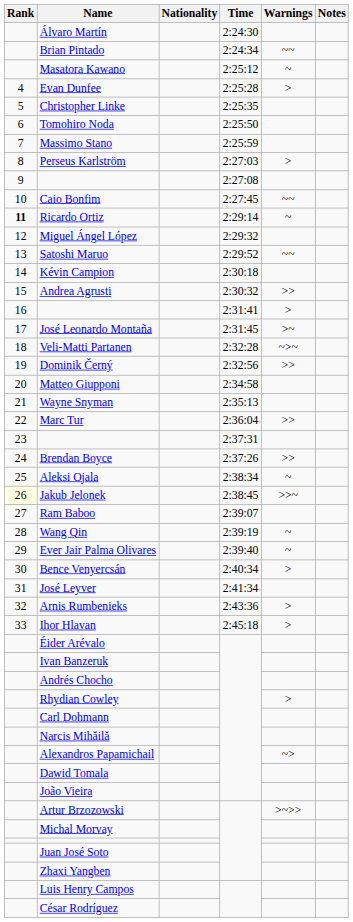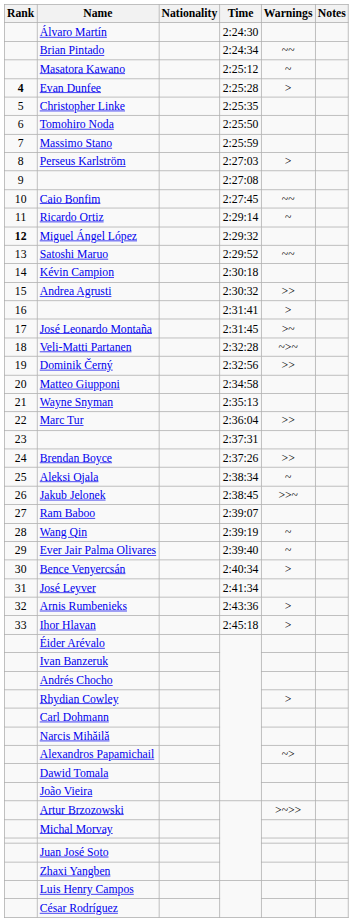 <table class="wikitable sortable" style="text-align:center">
 <tr>
 <th>Rank</th>
 <th>Name</th>
 <th>Nationality</th>
 <th>Time</th>
 <th>Warnings</th>
 <th>Notes</th>
 </tr>
 <tr>
 <td></td>
 <td align=left><a href='#'>Álvaro Martín</a></td>
 <td align=left></td>
 <td>2:24:30</td>
 <td></td>
 <td></td>
 </tr>
 <tr>
 <td></td>
 <td align=left><a href='#'>Brian Pintado</a></td>
 <td align=left></td>
 <td>2:24:34</td>
 <td>~~</td>
 <td></td>
 </tr>
 <tr>
 <td></td>
 <td align=left><a href='#'>Masatora Kawano</a></td>
 <td align=left></td>
 <td>2:25:12</td>
 <td>~</td>
 <td></td>
 </tr>
 <tr>
-<td>4</td>
+<td><strong>4</strong></td>
 <td align=left><a href='#'>Evan Dunfee</a></td>
 <td align=left></td>
 <td>2:25:28</td>
 <td>></td>
 <td></td>
 </tr>
 <tr>
 <td>5</td>
 <td align=left><a href='#'>Christopher Linke</a></td>
 <td align=left></td>
 <td>2:25:35</td>
 <td></td>
 <td></td>
 </tr>
 <tr>
 <td>6</td>
 <td align=left><a href='#'>Tomohiro Noda</a></td>
 <td align=left></td>
 <td>2:25:50</td>
 <td></td>
 <td></td>
 </tr>
 <tr>
 <td>7</td>
 <td align=left><a href='#'>Massimo Stano</a></td>
 <td align=left></td>
 <td>2:25:59</td>
 <td></td>
 <td></td>
 </tr>
 <tr>
 <td>8</td>
 <td align=left><a href='#'>Perseus Karlström</a></td>
 <td align=left></td>
 <td>2:27:03</td>
 <td>></td>
 <td></td>
 </tr>
 <tr>
 <td>9</td>
 <td align=left></td>
 <td align=left></td>
 <td>2:27:08</td>
 <td></td>
 <td></td>
 </tr>
 <tr>
 <td>10</td>
 <td align=left><a href='#'>Caio Bonfim</a></td>
 <td align=left></td>
 <td>2:27:45</td>
 <td>~~</td>
 <td></td>
 </tr>
 <tr>
-<td><strong>11</strong></td>
+<td>11</td>
 <td align=left><a href='#'>Ricardo Ortiz</a></td>
 <td align=left></td>
 <td>2:29:14</td>
 <td>~</td>
 <td></td>
 </tr>
 <tr>
-<td>12</td>
+<td><strong>12</strong></td>
 <td align=left><a href='#'>Miguel Ángel López</a></td>
 <td align=left></td>
 <td>2:29:32</td>
 <td></td>
 <td></td>
 </tr>
 <tr>
 <td>13</td>
 <td align=left><a href='#'>Satoshi Maruo</a></td>
 <td align=left></td>
 <td>2:29:52</td>
 <td>~~</td>
 <td></td>
 </tr>
 <tr>
 <td>14</td>
 <td align=left><a href='#'>Kévin Campion</a></td>
 <td align=left></td>
 <td>2:30:18</td>
 <td></td>
 <td></td>
 </tr>
 <tr>
 <td>15</td>
 <td align=left><a href='#'>Andrea Agrusti</a></td>
 <td align=left></td>
 <td>2:30:32</td>
 <td>>></td>
 <td></td>
 </tr>
 <tr>
 <td>16</td>
 <td align=left></td>
 <td align=left></td>
 <td>2:31:41</td>
 <td>></td>
 <td></td>
 </tr>
 <tr>
 <td>17</td>
 <td align=left><a href='#'>José Leonardo Montaña</a></td>
 <td align=left></td>
 <td>2:31:45</td>
 <td>>~</td>
 <td></td>
 </tr>
 <tr>
 <td>18</td>
 <td align=left><a href='#'>Veli-Matti Partanen</a></td>
 <td align=left></td>
 <td>2:32:28</td>
 <td>~>~</td>
 <td></td>
 </tr>
 <tr>
 <td>19</td>
 <td align=left><a href='#'>Dominik Černý</a></td>
 <td align=left></td>
 <td>2:32:56</td>
 <td>>></td>
 <td></td>
 </tr>
 <tr>
 <td>20</td>
 <td align=left><a href='#'>Matteo Giupponi</a></td>
 <td align=left></td>
 <td>2:34:58</td>
 <td></td>
 <td></td>
 </tr>
 <tr>
 <td>21</td>
 <td align=left><a href='#'>Wayne Snyman</a></td>
 <td align=left></td>
 <td>2:35:13</td>
 <td></td>
 <td></td>
 </tr>
 <tr>
 <td>22</td>
 <td align=left><a href='#'>Marc Tur</a></td>
 <td align=left></td>
 <td>2:36:04</td>
 <td>>></td>
 <td></td>
 </tr>
 <tr>
 <td>23</td>
 <td align=left></td>
 <td align=left></td>
 <td>2:37:31</td>
 <td></td>
 <td></td>
 </tr>
 <tr>
 <td>24</td>
 <td align=left><a href='#'>Brendan Boyce</a></td>
 <td align=left></td>
 <td>2:37:26</td>
 <td>>></td>
 <td></td>
 </tr>
 <tr>
 <td>25</td>
 <td align=left><a href='#'>Aleksi Ojala</a></td>
 <td align=left></td>
 <td>2:38:34</td>
 <td>~</td>
 <td></td>
 </tr>
 <tr>
-<td style="background: lightyellow;">26</td>
+<td>26</td>
 <td align=left><a href='#'>Jakub Jelonek</a></td>
 <td align=left></td>
 <td>2:38:45</td>
 <td>>>~</td>
 <td></td>
 </tr>
 <tr>
 <td>27</td>
 <td align=left><a href='#'>Ram Baboo</a></td>
 <td align=left></td>
 <td>2:39:07</td>
 <td></td>
 <td></td>
 </tr>
 <tr>
 <td>28</td>
 <td align=left><a href='#'>Wang Qin</a></td>
 <td align=left></td>
 <td>2:39:19</td>
 <td>~</td>
 <td></td>
 </tr>
 <tr>
 <td>29</td>
 <td align=left><a href='#'>Ever Jair Palma Olivares</a></td>
 <td align=left></td>
 <td>2:39:40</td>
 <td>~</td>
 <td></td>
 </tr>
 <tr>
 <td>30</td>
 <td align=left><a href='#'>Bence Venyercsán</a></td>
 <td align=left></td>
 <td>2:40:34</td>
 <td>></td>
 <td></td>
 </tr>
 <tr>
 <td>31</td>
 <td align=left><a href='#'>José Leyver</a></td>
 <td align=left></td>
 <td>2:41:34</td>
 <td></td>
 <td></td>
 </tr>
 <tr>
 <td>32</td>
 <td align=left><a href='#'>Arnis Rumbenieks</a></td>
 <td align=left></td>
 <td>2:43:36</td>
 <td>></td>
 <td></td>
 </tr>
 <tr>
 <td>33</td>
 <td align=left><a href='#'>Ihor Hlavan</a></td>
 <td align=left></td>
 <td>2:45:18</td>
 <td>></td>
 <td></td>
 </tr>
 <tr>
 <td></td>
 <td align=left><a href='#'>Éider Arévalo</a></td>
 <td align=left></td>
 <td rowspan=9></td>
 <td></td>
 <td></td>
 </tr>
 <tr>
 <td></td>
 <td align=left><a href='#'>Ivan Banzeruk</a></td>
 <td align=left></td>
 <td></td>
 <td></td>
 </tr>
 <tr>
 <td></td>
 <td align=left><a href='#'>Andrés Chocho</a></td>
 <td align=left></td>
 <td></td>
 <td></td>
 </tr>
 <tr>
 <td></td>
 <td align=left><a href='#'>Rhydian Cowley</a></td>
 <td align=left></td>
 <td>></td>
 <td></td>
 </tr>
 <tr>
 <td></td>
 <td align=left><a href='#'>Carl Dohmann</a></td>
 <td align=left></td>
 <td></td>
 <td></td>
 </tr>
 <tr>
 <td></td>
 <td align=left><a href='#'>Narcis Mihăilă</a></td>
 <td align=left></td>
 <td></td>
 <td></td>
 </tr>
 <tr>
 <td></td>
 <td align=left><a href='#'>Alexandros Papamichail</a></td>
 <td align=left></td>
 <td>~></td>
 <td></td>
 </tr>
 <tr>
 <td></td>
 <td align=left><a href='#'>Dawid Tomala</a></td>
 <td align=left></td>
 <td></td>
 <td></td>
 </tr>
 <tr>
 <td></td>
 <td align=left><a href='#'>João Vieira</a></td>
 <td align=left></td>
 <td></td>
 <td></td>
 </tr>
 <tr>
 <td></td>
 <td align=left><a href='#'>Artur Brzozowski</a></td>
 <td align=left></td>
 <td rowspan=5></td>
 <td>>~>></td>
 <td></td>
 </tr>
 <tr>
 <td></td>
 <td align=left><a href='#'>Michal Morvay</a></td>
 <td align=left></td>
 <td></td>
 <td></td>
 </tr>
 <tr>
 <td></td>
 <td align=left></td>
 <td align=left></td>
 <td></td>
 <td></td>
 </tr>
 <tr>
 <td></td>
 <td align=left><a href='#'>Juan José Soto</a></td>
 <td align=left></td>
 <td></td>
 <td></td>
 </tr>
 <tr>
 <td></td>
 <td align=left><a href='#'>Zhaxi Yangben</a></td>
 <td align=left></td>
 <td></td>
 <td></td>
 </tr>
 <tr>
 <td></td>
 <td align=left><a href='#'>Luis Henry Campos</a></td>
 <td align=left></td>
 <td rowspan=2></td>
 <td></td>
 <td></td>
 </tr>
 <tr>
 <td></td>
 <td align=left><a href='#'>César Rodríguez</a></td>
 <td align=left></td>
 <td></td>
 <td></td>
 </tr>
 </table>
